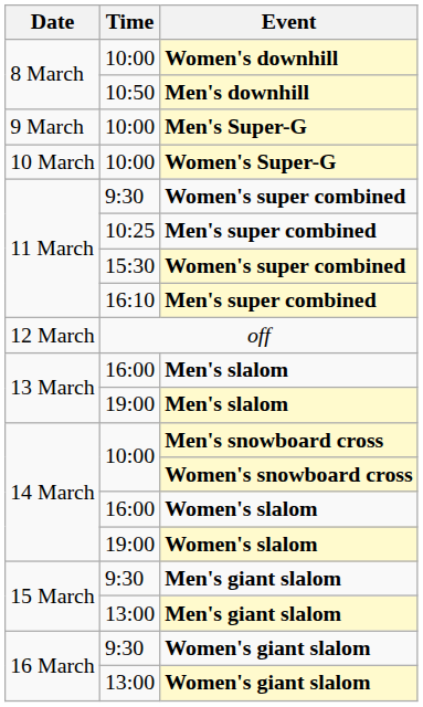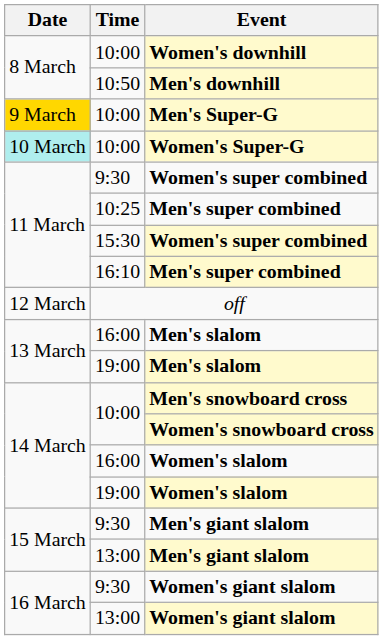 <table class=wikitable>
 <tr>
 <th>Date</th>
 <th>Time</th>
 <th>Event</th>
 </tr>
 <tr>
 <td rowspan=2>8 March</td>
 <td>10:00</td>
 <td style=background:lemonchiffon><strong>Women's downhill</strong></td>
 </tr>
 <tr>
 <td>10:50</td>
 <td style=background:lemonchiffon><strong>Men's downhill</strong></td>
 </tr>
 <tr>
-<td>9 March</td>
+<td style="background: gold;">9 March</td>
 <td>10:00</td>
 <td style=background:lemonchiffon><strong>Men's Super-G</strong></td>
 </tr>
 <tr>
-<td>10 March</td>
+<td style="background: paleturquoise;">10 March</td>
 <td>10:00</td>
 <td style=background:lemonchiffon><strong>Women's Super-G</strong></td>
 </tr>
 <tr>
 <td rowspan=4>11 March</td>
 <td>9:30</td>
 <td><strong>Women's super combined</strong></td>
 </tr>
 <tr>
 <td>10:25</td>
 <td><strong>Men's super combined</strong></td>
 </tr>
 <tr>
 <td>15:30</td>
 <td style=background:lemonchiffon><strong>Women's super combined</strong></td>
 </tr>
 <tr>
 <td>16:10</td>
 <td style=background:lemonchiffon><strong>Men's super combined</strong></td>
 </tr>
 <tr>
 <td>12 March</td>
 <td colspan=2 align="center"><em>off</em></td>
 </tr>
 <tr>
 <td rowspan=2>13 March</td>
 <td>16:00</td>
 <td><strong>Men's slalom</strong></td>
 </tr>
 <tr>
 <td>19:00</td>
 <td style=background:lemonchiffon><strong>Men's slalom</strong></td>
 </tr>
 <tr>
 <td rowspan=4>14 March</td>
 <td rowspan=2>10:00</td>
 <td style=background:lemonchiffon><strong>Men's snowboard cross</strong></td>
 </tr>
 <tr>
 <td style=background:lemonchiffon><strong>Women's snowboard cross</strong></td>
 </tr>
 <tr>
 <td>16:00</td>
 <td><strong>Women's slalom</strong></td>
 </tr>
 <tr>
 <td>19:00</td>
 <td style=background:lemonchiffon><strong>Women's slalom</strong></td>
 </tr>
 <tr>
 <td rowspan=2>15 March</td>
 <td>9:30</td>
 <td><strong>Men's giant slalom</strong></td>
 </tr>
 <tr>
 <td>13:00</td>
 <td style=background:lemonchiffon><strong>Men's giant slalom</strong></td>
 </tr>
 <tr>
 <td rowspan=2>16 March</td>
 <td>9:30</td>
 <td><strong>Women's giant slalom</strong></td>
 </tr>
 <tr>
 <td>13:00</td>
 <td style=background:lemonchiffon><strong>Women's giant slalom</strong></td>
 </tr>
 </table>
